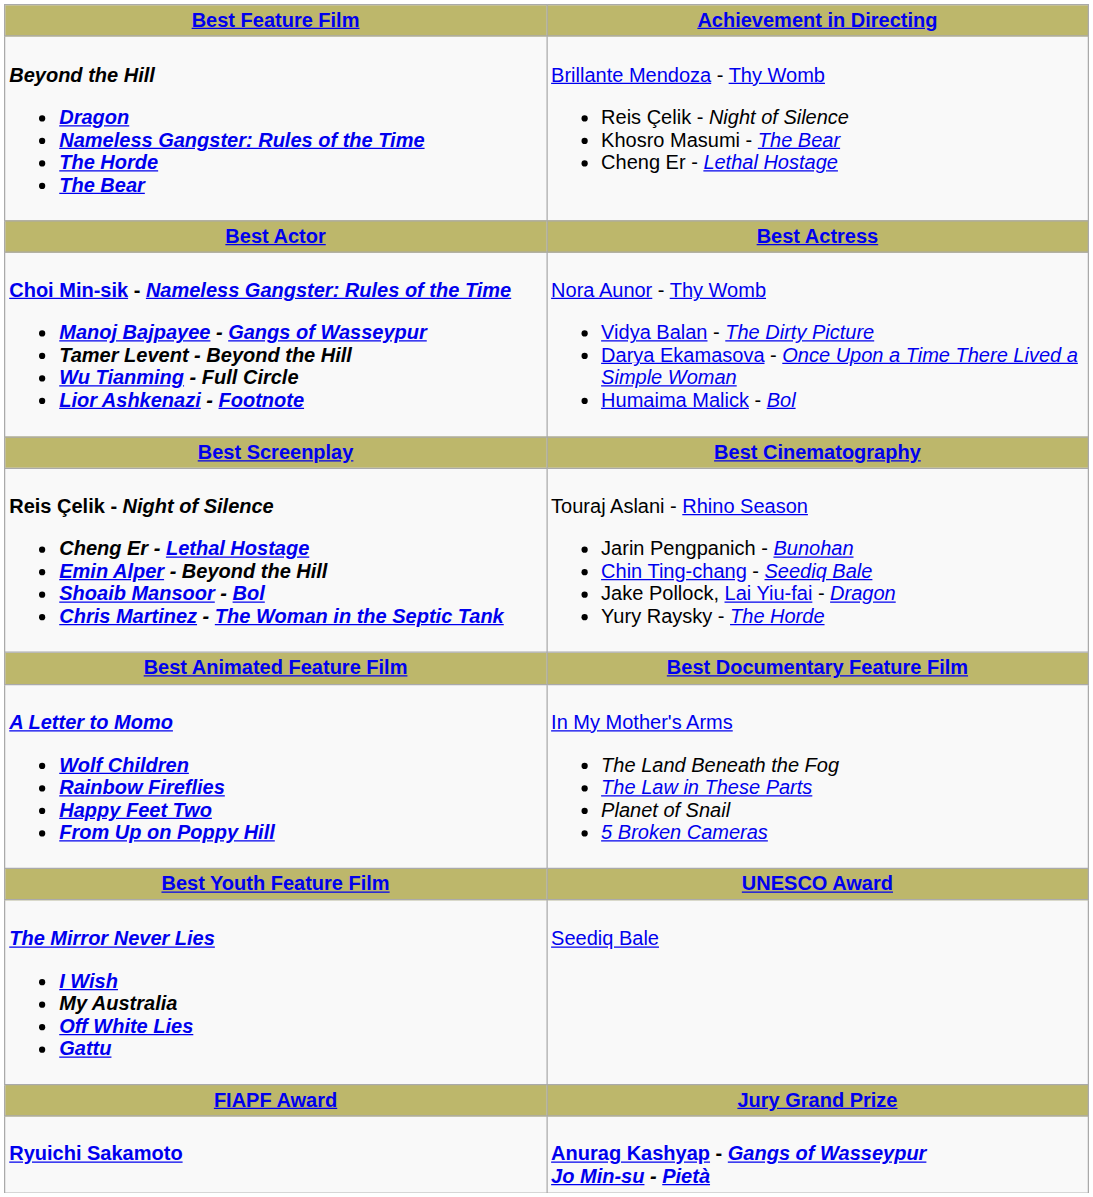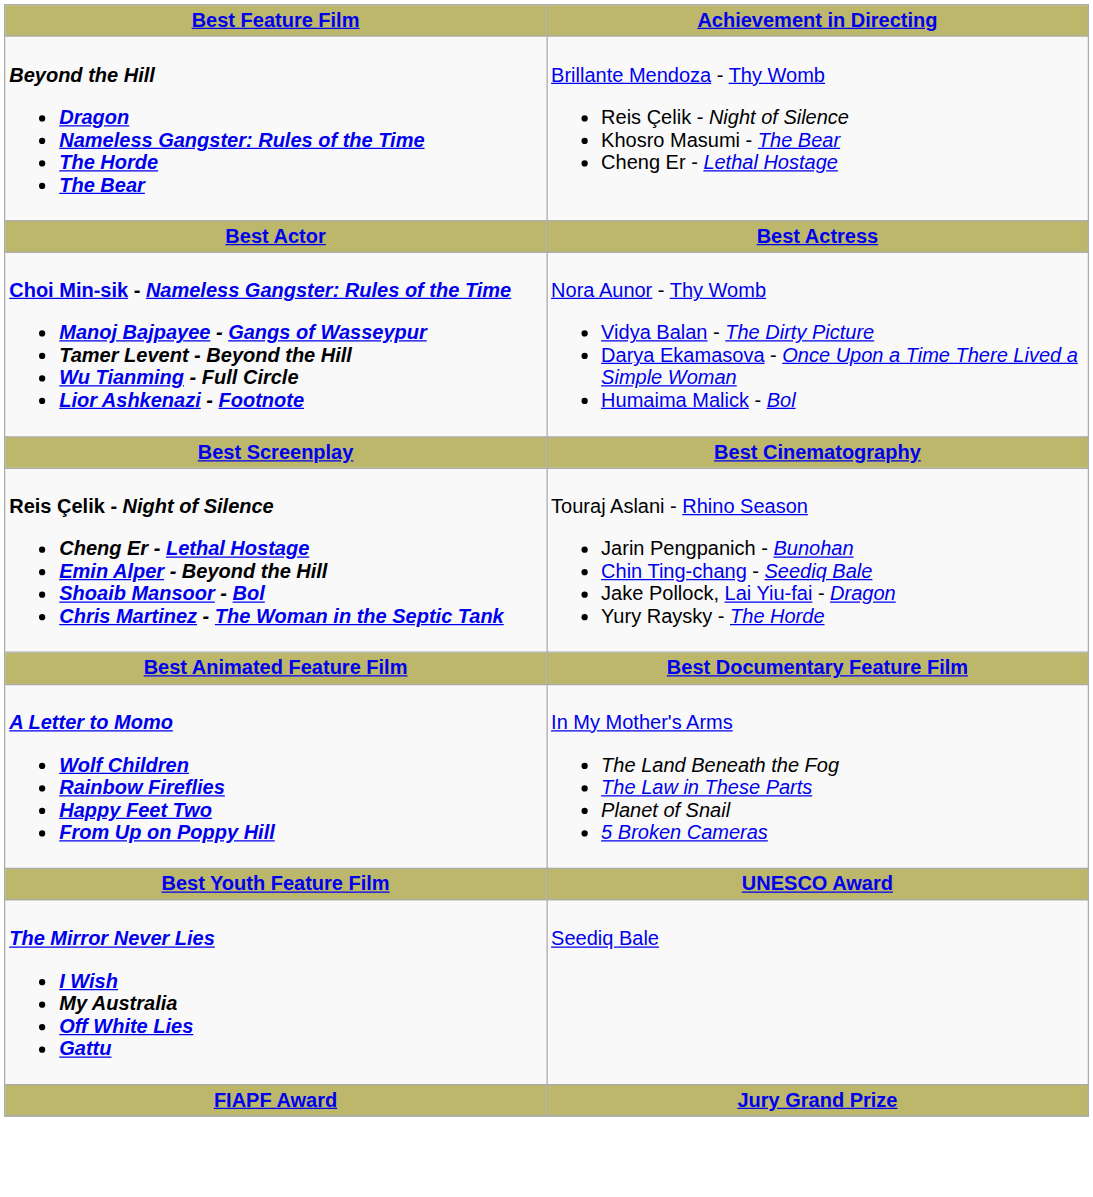 <table class=wikitable>
 <tr>
 <th style="background:#BDB76B; width: 50%"><a href='#'>Best Feature Film</a></th>
 <th style="background:#BDB76B; width: 50%"><a href='#'>Achievement in Directing</a></th>
 </tr>
 <tr>
 <td valign="top"><br><strong> <em>Beyond the Hill<strong><em><ul><li> </em><a href='#'>Dragon</a><em></li><li> </em><a href='#'>Nameless Gangster: Rules of the Time</a><em></li><li> </em><a href='#'>The Horde</a><em></li><li> </em><a href='#'>The Bear</a><em></li></ul></td>
 <td valign="top"><br></strong> <a href='#'>Brillante Mendoza</a> - </em><a href='#'>Thy Womb</a></em></strong><ul><li> Reis Çelik - <em>Night of Silence</em></li><li> Khosro Masumi - <em><a href='#'>The Bear</a></em></li><li> Cheng Er - <em><a href='#'>Lethal Hostage</a></em></li></ul></td>
 </tr>
 <tr>
 <th style="background:#BDB76B; width: 50%"><a href='#'>Best Actor</a></th>
 <th style="background:#BDB76B; width: 50%"><a href='#'>Best Actress</a></th>
 </tr>
 <tr>
 <td valign="top"><br><strong> <a href='#'>Choi Min-sik</a> - <em><a href='#'>Nameless Gangster: Rules of the Time</a><strong><em><ul><li> <a href='#'>Manoj Bajpayee</a> - </em><a href='#'>Gangs of Wasseypur</a><em></li><li> Tamer Levent - </em>Beyond the Hill<em></li><li> <a href='#'>Wu Tianming</a> - </em>Full Circle<em></li><li> <a href='#'>Lior Ashkenazi</a> - </em><a href='#'>Footnote</a><em></li></ul></td>
 <td valign="top"><br></strong> <a href='#'>Nora Aunor</a> - </em><a href='#'>Thy Womb</a></em></strong><ul><li> <a href='#'>Vidya Balan</a> - <em><a href='#'>The Dirty Picture</a></em></li><li> <a href='#'>Darya Ekamasova</a> - <em><a href='#'>Once Upon a Time There Lived a Simple Woman</a></em></li><li> <a href='#'>Humaima Malick</a> - <em><a href='#'>Bol</a></em></li></ul></td>
 </tr>
 <tr>
 <th style="background:#BDB76B; width: 50%"><a href='#'>Best Screenplay</a></th>
 <th style="background:#BDB76B; width: 50%"><a href='#'>Best Cinematography</a></th>
 </tr>
 <tr>
 <td valign="top"><br><strong> Reis Çelik - <em>Night of Silence<strong><em><ul><li> Cheng Er - </em><a href='#'>Lethal Hostage</a><em></li><li> <a href='#'>Emin Alper</a> - </em>Beyond the Hill<em></li><li> <a href='#'>Shoaib Mansoor</a> - </em><a href='#'>Bol</a><em></li><li> <a href='#'>Chris Martinez</a> - </em><a href='#'>The Woman in the Septic Tank</a><em></li></ul></td>
 <td valign="top"><br></strong> Touraj Aslani - </em><a href='#'>Rhino Season</a></em></strong><ul><li> Jarin Pengpanich - <em><a href='#'>Bunohan</a></em></li><li> <a href='#'>Chin Ting-chang</a> - <em><a href='#'>Seediq Bale</a></em></li><li> Jake Pollock, <a href='#'>Lai Yiu-fai</a> - <em><a href='#'>Dragon</a></em></li><li> Yury Raysky - <em><a href='#'>The Horde</a></em></li></ul></td>
 </tr>
 <tr>
 <th style="background:#BDB76B; width: 50%"><a href='#'>Best Animated Feature Film</a></th>
 <th style="background:#BDB76B; width: 50%"><a href='#'>Best Documentary Feature Film</a></th>
 </tr>
 <tr>
 <td valign="top"><br><strong> <em><a href='#'>A Letter to Momo</a><strong><em><ul><li> </em><a href='#'>Wolf Children</a><em></li><li> </em><a href='#'>Rainbow Fireflies</a><em></li><li> </em><a href='#'>Happy Feet Two</a><em></li><li> </em><a href='#'>From Up on Poppy Hill</a><em></li></ul></td>
 <td valign="top"><br></strong> </em><a href='#'>In My Mother's Arms</a></em></strong><ul><li> <em>The Land Beneath the Fog</em></li><li> <em><a href='#'>The Law in These Parts</a></em></li><li> <em>Planet of Snail</em></li><li> <em><a href='#'>5 Broken Cameras</a></em></li></ul></td>
 </tr>
 <tr>
 <th style="background:#BDB76B; width: 50%"><a href='#'>Best Youth Feature Film</a></th>
 <th style="background:#BDB76B; width: 50%"><a href='#'>UNESCO Award</a></th>
 </tr>
 <tr>
 <td valign="top"><br><strong> <em><a href='#'>The Mirror Never Lies</a><strong><em><ul><li> </em><a href='#'>I Wish</a><em></li><li> </em>My Australia<em></li><li> </em><a href='#'>Off White Lies</a><em></li><li> </em><a href='#'>Gattu</a><em></li></ul></td>
 <td valign="top"><br></strong> </em><a href='#'>Seediq Bale</a></em></strong></td>
 </tr>
 <tr>
 <th style="background:#BDB76B; width: 50%"><a href='#'>FIAPF Award</a></th>
 <th style="background:#BDB76B; width: 50%"><a href='#'>Jury Grand Prize</a></th>
 </tr>
 <tr>
-<td valign="top"><br><strong> <a href='#'>Ryuichi Sakamoto</a></strong></td>
-<td valign="top"><br><strong> <a href='#'>Anurag Kashyap</a> - <em><a href='#'>Gangs of Wasseypur</a><strong><em> <br> </strong> <a href='#'>Jo Min-su</a> - </em><a href='#'>Pietà</a></em></strong></td>
-</tr>
-<tr>
 </tr>
 </table>
